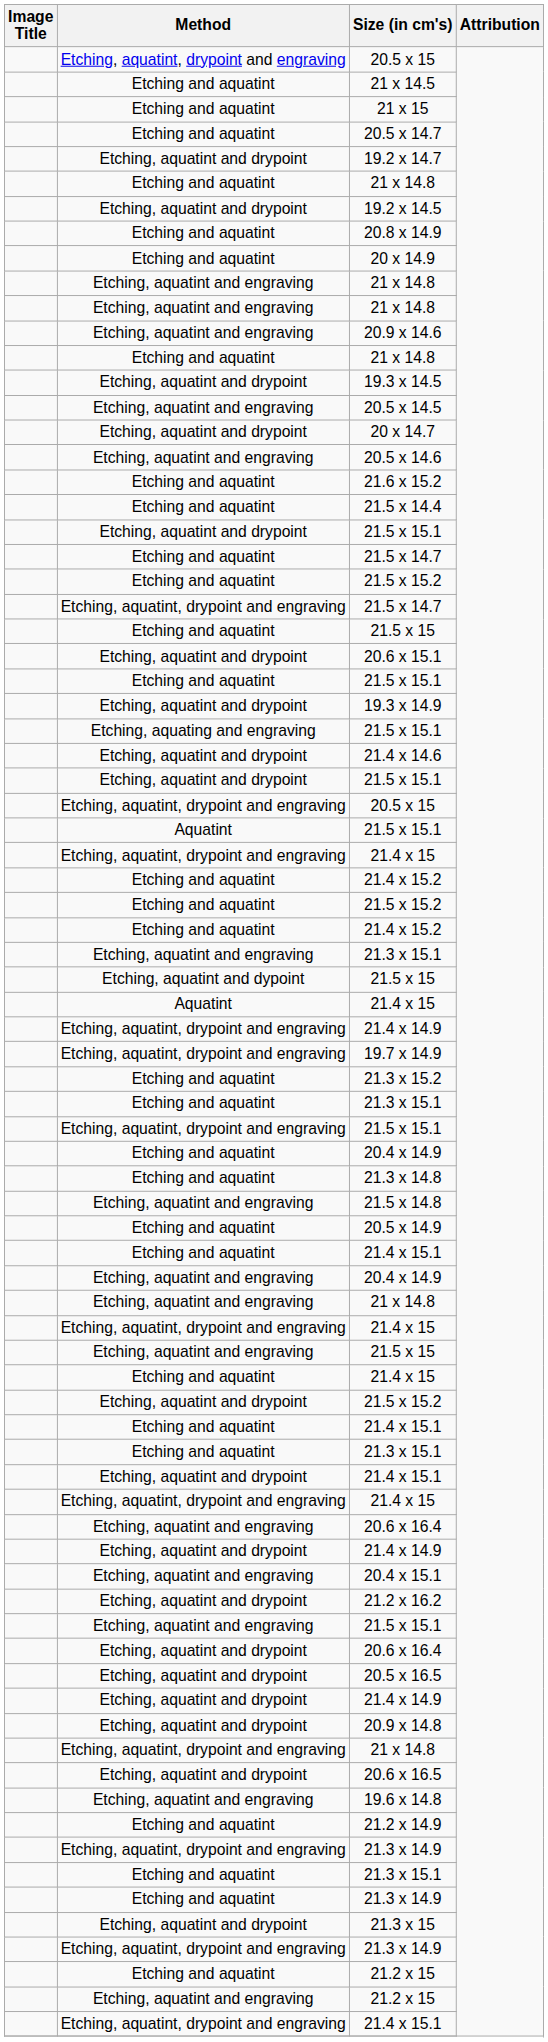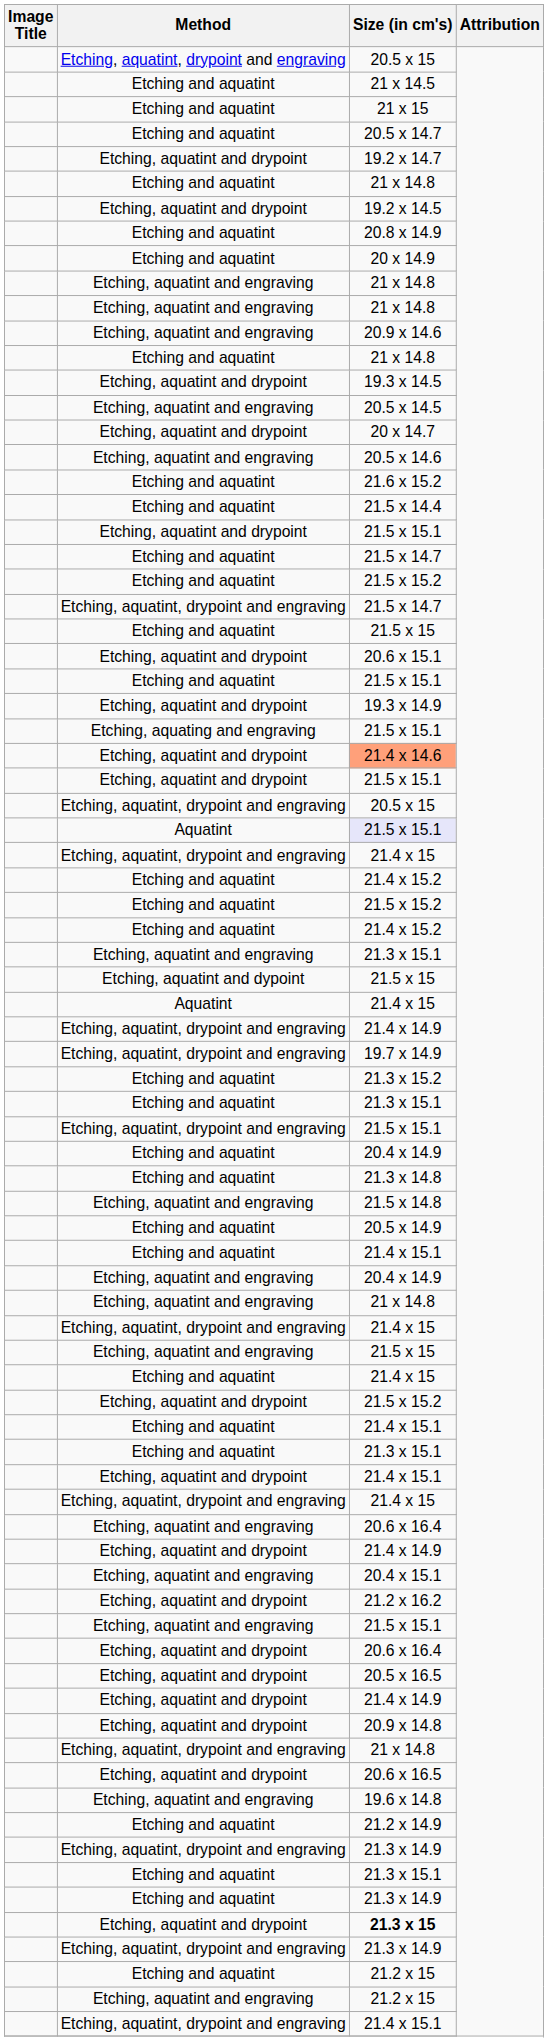 <table class="wikitable sortable" style="text-align: center">
 <tr>
 <th>Image<br>Title</th>
 <th>Method</th>
 <th>Size (in cm's)</th>
 <th>Attribution</th>
 </tr>
 <tr>
 <td></td>
 <td><a href='#'>Etching</a>, <a href='#'>aquatint</a>, <a href='#'>drypoint</a> and <a href='#'>engraving</a></td>
 <td>20.5 x 15</td>
 </tr>
 <tr>
 <td></td>
 <td>Etching and aquatint</td>
 <td>21 x 14.5</td>
 </tr>
 <tr>
 <td></td>
 <td>Etching and aquatint</td>
 <td>21 x 15</td>
 </tr>
 <tr>
 <td></td>
 <td>Etching and aquatint</td>
 <td>20.5 x 14.7</td>
 </tr>
 <tr>
 <td></td>
 <td>Etching, aquatint and drypoint</td>
 <td>19.2 x 14.7</td>
 </tr>
 <tr>
 <td></td>
 <td>Etching and aquatint</td>
 <td>21 x 14.8</td>
 </tr>
 <tr>
 <td></td>
 <td>Etching, aquatint and drypoint</td>
 <td>19.2 x 14.5</td>
 </tr>
 <tr>
 <td></td>
 <td>Etching and aquatint</td>
 <td>20.8 x 14.9</td>
 </tr>
 <tr>
 <td></td>
 <td>Etching and aquatint</td>
 <td>20 x 14.9</td>
 </tr>
 <tr>
 <td></td>
 <td>Etching, aquatint and engraving</td>
 <td>21 x 14.8</td>
 </tr>
 <tr>
 <td></td>
 <td>Etching, aquatint and engraving</td>
 <td>21 x 14.8</td>
 </tr>
 <tr>
 <td></td>
 <td>Etching, aquatint and engraving</td>
 <td>20.9 x 14.6</td>
 </tr>
 <tr>
 <td></td>
 <td>Etching and aquatint</td>
 <td>21 x 14.8</td>
 </tr>
 <tr>
 <td></td>
 <td>Etching, aquatint and drypoint</td>
 <td>19.3 x 14.5</td>
 </tr>
 <tr>
 <td></td>
 <td>Etching, aquatint and engraving</td>
 <td>20.5 x 14.5</td>
 </tr>
 <tr>
 <td></td>
 <td>Etching, aquatint and drypoint</td>
 <td>20 x 14.7</td>
 </tr>
 <tr>
 <td></td>
 <td>Etching, aquatint and engraving</td>
 <td>20.5 x 14.6</td>
 </tr>
 <tr>
 <td></td>
 <td>Etching and aquatint</td>
 <td>21.6 x 15.2</td>
 </tr>
 <tr>
 <td></td>
 <td>Etching and aquatint</td>
 <td>21.5 x 14.4</td>
 </tr>
 <tr>
 <td></td>
 <td>Etching, aquatint and drypoint</td>
 <td>21.5 x 15.1</td>
 </tr>
 <tr>
 <td></td>
 <td>Etching and aquatint</td>
 <td>21.5 x 14.7</td>
 </tr>
 <tr>
 <td></td>
 <td>Etching and aquatint</td>
 <td>21.5 x 15.2</td>
 </tr>
 <tr>
 <td></td>
 <td>Etching, aquatint, drypoint and engraving</td>
 <td>21.5 x 14.7</td>
 </tr>
 <tr>
 <td></td>
 <td>Etching and aquatint</td>
 <td>21.5 x 15</td>
 </tr>
 <tr>
 <td></td>
 <td>Etching, aquatint and drypoint</td>
 <td>20.6 x 15.1</td>
 </tr>
 <tr>
 <td></td>
 <td>Etching and aquatint</td>
 <td>21.5 x 15.1</td>
 </tr>
 <tr>
 <td></td>
 <td>Etching, aquatint and drypoint</td>
 <td>19.3 x 14.9</td>
 </tr>
 <tr>
 <td></td>
 <td>Etching, aquating and engraving</td>
 <td>21.5 x 15.1</td>
 </tr>
 <tr>
 <td></td>
 <td>Etching, aquatint and drypoint</td>
-<td>21.4 x 14.6</td>
+<td style="background: lightsalmon;">21.4 x 14.6</td>
 </tr>
 <tr>
 <td></td>
 <td>Etching, aquatint and drypoint</td>
 <td>21.5 x 15.1</td>
 </tr>
 <tr>
 <td></td>
 <td>Etching, aquatint, drypoint and engraving</td>
 <td>20.5 x 15</td>
 </tr>
 <tr>
 <td></td>
 <td>Aquatint</td>
-<td>21.5 x 15.1</td>
+<td style="background: lavender;">21.5 x 15.1</td>
 </tr>
 <tr>
 <td></td>
 <td>Etching, aquatint, drypoint and engraving</td>
 <td>21.4 x 15</td>
 </tr>
 <tr>
 <td></td>
 <td>Etching and aquatint</td>
 <td>21.4 x 15.2</td>
 </tr>
 <tr>
 <td></td>
 <td>Etching and aquatint</td>
 <td>21.5 x 15.2</td>
 </tr>
 <tr>
 <td></td>
 <td>Etching and aquatint</td>
 <td>21.4 x 15.2</td>
 </tr>
 <tr>
 <td></td>
 <td>Etching, aquatint and engraving</td>
 <td>21.3 x 15.1</td>
 </tr>
 <tr>
 <td></td>
 <td>Etching, aquatint and dypoint</td>
 <td>21.5 x 15</td>
 </tr>
 <tr>
 <td></td>
 <td>Aquatint</td>
 <td>21.4 x 15</td>
 </tr>
 <tr>
 <td></td>
 <td>Etching, aquatint, drypoint and engraving</td>
 <td>21.4 x 14.9</td>
 </tr>
 <tr>
 <td></td>
 <td>Etching, aquatint, drypoint and engraving</td>
 <td>19.7 x 14.9</td>
 </tr>
 <tr>
 <td></td>
 <td>Etching and aquatint</td>
 <td>21.3 x 15.2</td>
 </tr>
 <tr>
 <td></td>
 <td>Etching and aquatint</td>
 <td>21.3 x 15.1</td>
 </tr>
 <tr>
 <td></td>
 <td>Etching, aquatint, drypoint and engraving</td>
 <td>21.5 x 15.1</td>
 </tr>
 <tr>
 <td></td>
 <td>Etching and aquatint</td>
 <td>20.4 x 14.9</td>
 </tr>
 <tr>
 <td></td>
 <td>Etching and aquatint</td>
 <td>21.3 x 14.8</td>
 </tr>
 <tr>
 <td></td>
 <td>Etching, aquatint and engraving</td>
 <td>21.5 x 14.8</td>
 </tr>
 <tr>
 <td></td>
 <td>Etching and aquatint</td>
 <td>20.5 x 14.9</td>
 </tr>
 <tr>
 <td></td>
 <td>Etching and aquatint</td>
 <td>21.4 x 15.1</td>
 </tr>
 <tr>
 <td></td>
 <td>Etching, aquatint and engraving</td>
 <td>20.4 x 14.9</td>
 </tr>
 <tr>
 <td></td>
 <td>Etching, aquatint and engraving</td>
 <td>21 x 14.8</td>
 </tr>
 <tr>
 <td></td>
 <td>Etching, aquatint, drypoint and engraving</td>
 <td>21.4 x 15</td>
 </tr>
 <tr>
 <td></td>
 <td>Etching, aquatint and engraving</td>
 <td>21.5 x 15</td>
 </tr>
 <tr>
 <td></td>
 <td>Etching and aquatint</td>
 <td>21.4 x 15</td>
 </tr>
 <tr>
 <td></td>
 <td>Etching, aquatint and drypoint</td>
 <td>21.5 x 15.2</td>
 </tr>
 <tr>
 <td></td>
 <td>Etching and aquatint</td>
 <td>21.4 x 15.1</td>
 </tr>
 <tr>
 <td></td>
 <td>Etching and aquatint</td>
 <td>21.3 x 15.1</td>
 </tr>
 <tr>
 <td></td>
 <td>Etching, aquatint and drypoint</td>
 <td>21.4 x 15.1</td>
 </tr>
 <tr>
 <td></td>
 <td>Etching, aquatint, drypoint and engraving</td>
 <td>21.4 x 15</td>
 </tr>
 <tr>
 <td></td>
 <td>Etching, aquatint and engraving</td>
 <td>20.6 x 16.4</td>
 </tr>
 <tr>
 <td></td>
 <td>Etching, aquatint and drypoint</td>
 <td>21.4 x 14.9</td>
 </tr>
 <tr>
 <td></td>
 <td>Etching, aquatint and engraving</td>
 <td>20.4 x 15.1</td>
 </tr>
 <tr>
 <td></td>
 <td>Etching, aquatint and drypoint</td>
 <td>21.2 x 16.2</td>
 </tr>
 <tr>
 <td></td>
 <td>Etching, aquatint and engraving</td>
 <td>21.5 x 15.1</td>
 </tr>
 <tr>
 <td></td>
 <td>Etching, aquatint and drypoint</td>
 <td>20.6 x 16.4</td>
 </tr>
 <tr>
 <td></td>
 <td>Etching, aquatint and drypoint</td>
 <td>20.5 x 16.5</td>
 </tr>
 <tr>
 <td></td>
 <td>Etching, aquatint and drypoint</td>
 <td>21.4 x 14.9</td>
 </tr>
 <tr>
 <td></td>
 <td>Etching, aquatint and drypoint</td>
 <td>20.9 x 14.8</td>
 </tr>
 <tr>
 <td></td>
 <td>Etching, aquatint, drypoint and engraving</td>
 <td>21 x 14.8</td>
 </tr>
 <tr>
 <td></td>
 <td>Etching, aquatint and drypoint</td>
 <td>20.6 x 16.5</td>
 </tr>
 <tr>
 <td></td>
 <td>Etching, aquatint and engraving</td>
 <td>19.6 x 14.8</td>
 </tr>
 <tr>
 <td></td>
 <td>Etching and aquatint</td>
 <td>21.2 x 14.9</td>
 </tr>
 <tr>
 <td></td>
 <td>Etching, aquatint, drypoint and engraving</td>
 <td>21.3 x 14.9</td>
 </tr>
 <tr>
 <td></td>
 <td>Etching and aquatint</td>
 <td>21.3 x 15.1</td>
 </tr>
 <tr>
 <td></td>
 <td>Etching and aquatint</td>
 <td>21.3 x 14.9</td>
 </tr>
 <tr>
 <td></td>
 <td>Etching, aquatint and drypoint</td>
-<td>21.3 x 15</td>
+<td><strong>21.3 x 15</strong></td>
 </tr>
 <tr>
 <td></td>
 <td>Etching, aquatint, drypoint and engraving</td>
 <td>21.3 x 14.9</td>
 </tr>
 <tr>
 <td></td>
 <td>Etching and aquatint</td>
 <td>21.2 x 15</td>
 </tr>
 <tr>
 <td></td>
 <td>Etching, aquatint and engraving</td>
 <td>21.2 x 15</td>
 </tr>
 <tr>
 <td></td>
 <td>Etching, aquatint, drypoint and engraving</td>
 <td>21.4 x 15.1</td>
 </tr>
 <tr>
 </tr>
 </table>
